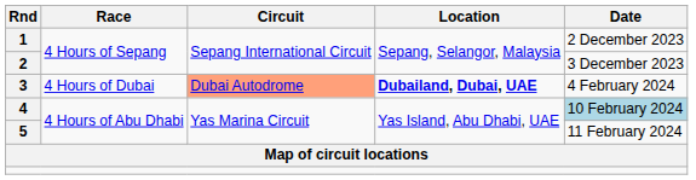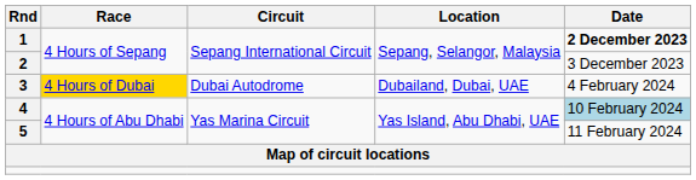 <table class="wikitable" style="font-size: 85%;">
 <tr>
 <th>Rnd</th>
 <th>Race</th>
 <th>Circuit</th>
 <th>Location</th>
 <th>Date</th>
 </tr>
 <tr>
 <th>1</th>
 <td rowspan="2"><a href='#'>4 Hours of Sepang</a></td>
 <td rowspan="2"> <a href='#'>Sepang International Circuit</a></td>
 <td rowspan="2"><a href='#'>Sepang</a>, <a href='#'>Selangor</a>, <a href='#'>Malaysia</a></td>
-<td>2 December 2023</td>
+<td><strong>2 December 2023</strong></td>
 </tr>
 <tr>
 <th>2</th>
 <td>3 December 2023</td>
 </tr>
 <tr>
 <th>3</th>
-<td><a href='#'>4 Hours of Dubai</a></td>
-<td style="background: lightsalmon;"> <a href='#'>Dubai Autodrome</a></td>
-<td><strong><a href='#'>Dubailand</a>, <a href='#'>Dubai</a>, <a href='#'>UAE</a></strong></td>
+<td style="background: gold;"><a href='#'>4 Hours of Dubai</a></td>
+<td> <a href='#'>Dubai Autodrome</a></td>
+<td><a href='#'>Dubailand</a>, <a href='#'>Dubai</a>, <a href='#'>UAE</a></td>
 <td>4 February 2024</td>
 </tr>
 <tr>
 <th>4</th>
 <td rowspan="2"><a href='#'>4 Hours of Abu Dhabi</a></td>
 <td rowspan="2"> <a href='#'>Yas Marina Circuit</a></td>
 <td rowspan="2"><a href='#'>Yas Island</a>, <a href='#'>Abu Dhabi</a>, <a href='#'>UAE</a></td>
 <td style="background: lightblue;">10 February 2024</td>
 </tr>
 <tr>
 <th>5</th>
 <td>11 February 2024</td>
 </tr>
 <tr>
 <th colspan=5>Map of circuit locations</th>
 </tr>
 <tr>
 <td colspan=5></td>
 </tr>
 </table>
